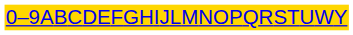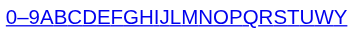 <table id="toc" class="toc" summary="Class">
 <tr>
 <th></th>
 </tr>
 <tr>
-<td style="background: gold; text-align:center;"><a href='#'>0–9</a><a href='#'>A</a><a href='#'>B</a><a href='#'>C</a><a href='#'>D</a><a href='#'>E</a><a href='#'>F</a><a href='#'>G</a><a href='#'>H</a><a href='#'>I</a><a href='#'>J</a><a href='#'>L</a><a href='#'>M</a><a href='#'>N</a><a href='#'>O</a><a href='#'>P</a><a href='#'>Q</a><a href='#'>R</a><a href='#'>S</a><a href='#'>T</a><a href='#'>U</a><a href='#'>W</a><a href='#'>Y</a></td>
+<td style="text-align:center;"><a href='#'>0–9</a><a href='#'>A</a><a href='#'>B</a><a href='#'>C</a><a href='#'>D</a><a href='#'>E</a><a href='#'>F</a><a href='#'>G</a><a href='#'>H</a><a href='#'>I</a><a href='#'>J</a><a href='#'>L</a><a href='#'>M</a><a href='#'>N</a><a href='#'>O</a><a href='#'>P</a><a href='#'>Q</a><a href='#'>R</a><a href='#'>S</a><a href='#'>T</a><a href='#'>U</a><a href='#'>W</a><a href='#'>Y</a></td>
 </tr>
 </table>
